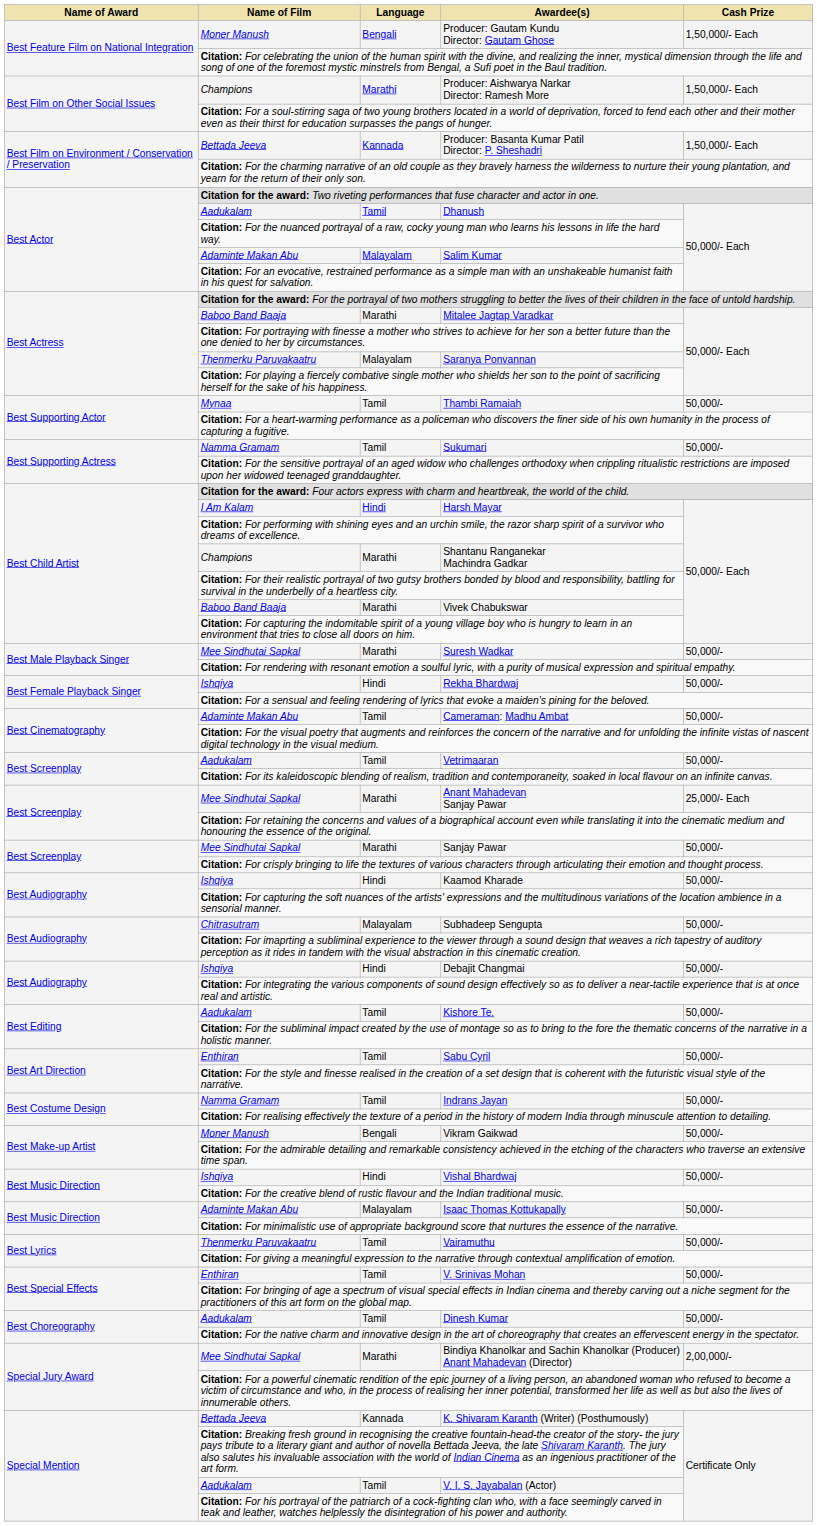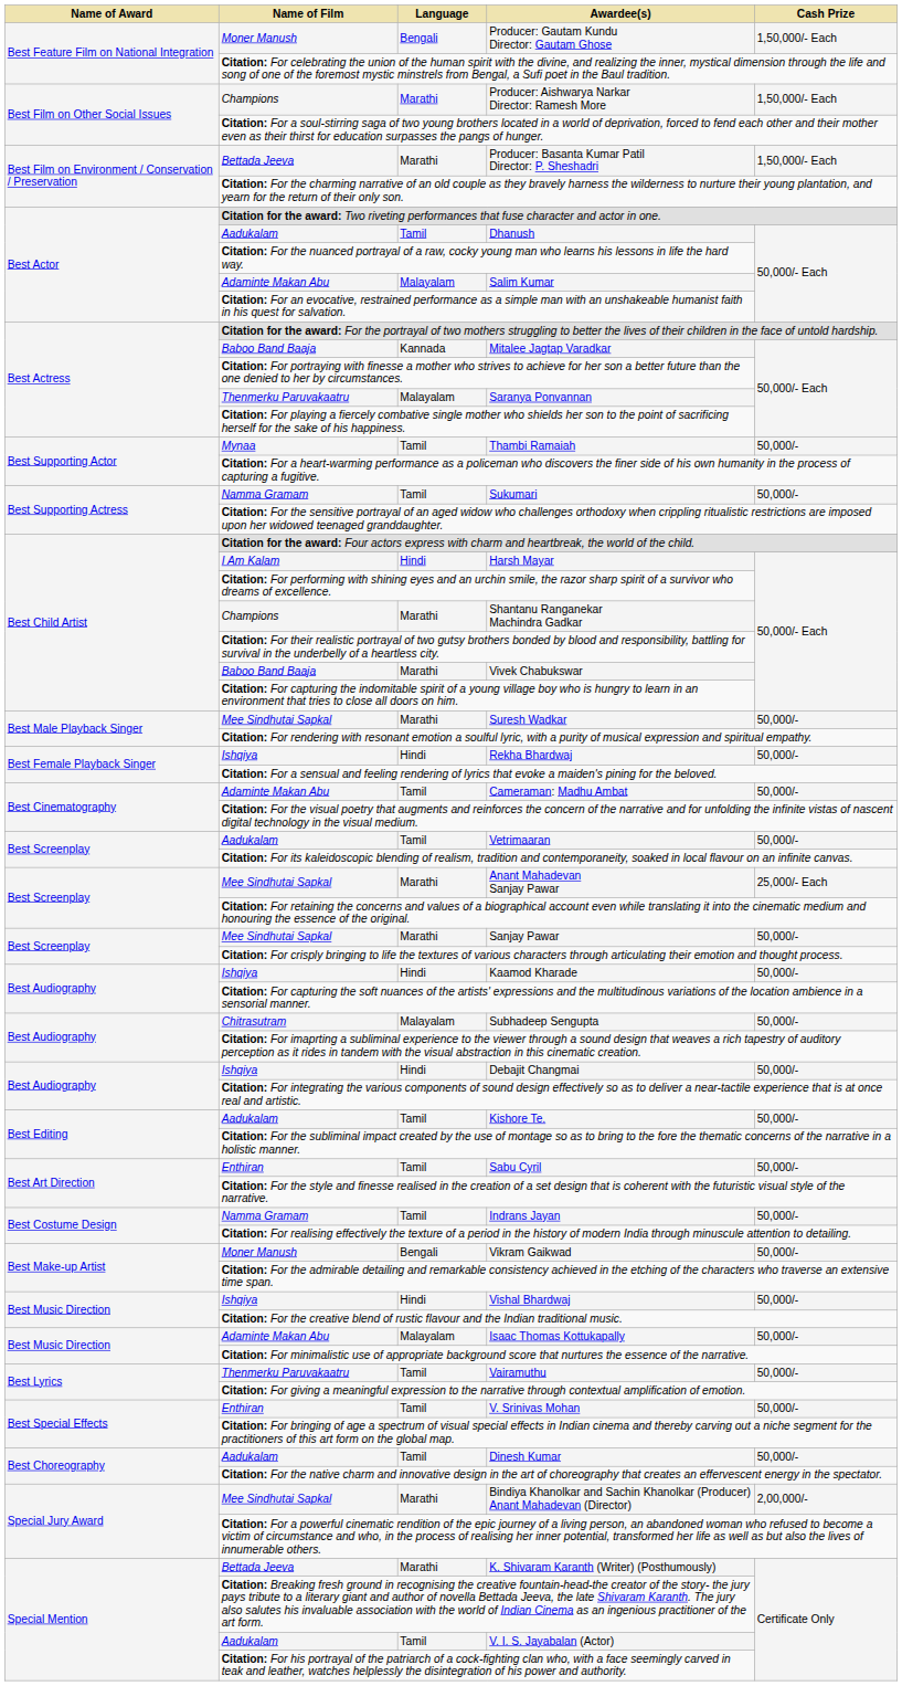 <table class="wikitable" style="width:100%;">
 <tr>
 <th style="background-color:#EFE4B0;width:24%;">Name of Award</th>
 <th style="background-color:#EFE4B0;width:20%;">Name of Film</th>
 <th style="background-color:#EFE4B0;width:10%;">Language</th>
 <th style="background-color:#EFE4B0;width:30%;">Awardee(s)</th>
 <th style="background-color:#EFE4B0;width:16%;">Cash Prize</th>
 </tr>
 <tr style="background-color:#F4F4F4">
 <td rowspan="2"><a href='#'>Best Feature Film on National Integration</a></td>
 <td><em><a href='#'>Moner Manush</a></em></td>
 <td><a href='#'>Bengali</a></td>
 <td>Producer: Gautam Kundu<br>Director: <a href='#'>Gautam Ghose</a></td>
 <td> 1,50,000/- Each</td>
 </tr>
 <tr style="background-color:#F9F9F9">
 <td colspan="4"><strong>Citation:</strong> <em>For celebrating the union of the human spirit with the divine, and realizing the inner, mystical dimension through the life and song of one of the foremost mystic minstrels from Bengal, a Sufi poet in the Baul tradition.</em></td>
 </tr>
 <tr style="background-color:#F4F4F4">
 <td rowspan="2"><a href='#'>Best Film on Other Social Issues</a></td>
 <td><em>Champions</em></td>
 <td><a href='#'>Marathi</a></td>
 <td>Producer: Aishwarya Narkar<br>Director: Ramesh More</td>
 <td> 1,50,000/- Each</td>
 </tr>
 <tr style="background-color:#F9F9F9">
 <td colspan="4"><strong>Citation:</strong> <em>For a soul-stirring saga of two young brothers located in a world of deprivation, forced to fend each other and their mother even as their thirst for education surpasses the pangs of hunger.</em></td>
 </tr>
 <tr style="background-color:#F4F4F4">
 <td rowspan="2"><a href='#'>Best Film on Environment / Conservation / Preservation</a></td>
 <td><em><a href='#'>Bettada Jeeva</a></em></td>
-<td><a href='#'>Kannada</a></td>
+<td>Marathi</td>
 <td>Producer: Basanta Kumar Patil<br>Director: <a href='#'>P. Sheshadri</a></td>
 <td> 1,50,000/- Each</td>
 </tr>
 <tr style="background-color:#F9F9F9">
 <td colspan="4"><strong>Citation:</strong> <em>For the charming narrative of an old couple as they bravely harness the wilderness to nurture their young plantation, and yearn for the return of their only son.</em></td>
 </tr>
 <tr style="background-color:#F4F4F4">
 <td rowspan="5"><a href='#'>Best Actor</a></td>
 <td colspan="4" style="background-color:#E0E0E0"><strong>Citation for the award:</strong> <em>Two riveting performances that fuse character and actor in one.</em></td>
 </tr>
 <tr style="background-color:#F4F4F4">
 <td><em><a href='#'>Aadukalam</a></em></td>
 <td><a href='#'>Tamil</a></td>
 <td><a href='#'>Dhanush</a></td>
 <td rowspan="4"> 50,000/- Each</td>
 </tr>
 <tr style="background-color:#F9F9F9">
 <td colspan="3"><strong>Citation:</strong> <em>For the nuanced portrayal of a raw, cocky young man who learns his lessons in life the hard way.</em></td>
 </tr>
 <tr style="background-color:#F4F4F4">
 <td><em><a href='#'>Adaminte Makan Abu</a></em></td>
 <td><a href='#'>Malayalam</a></td>
 <td><a href='#'>Salim Kumar</a></td>
 </tr>
 <tr style="background-color:#F9F9F9">
 <td colspan="3"><strong>Citation:</strong> <em>For an evocative, restrained performance as a simple man with an unshakeable humanist faith in his quest for salvation.</em></td>
 </tr>
 <tr style="background-color:#F4F4F4">
 <td rowspan="5"><a href='#'>Best Actress</a></td>
 <td colspan="4" style="background-color:#E0E0E0"><strong>Citation for the award:</strong> <em>For the portrayal of two mothers struggling to better the lives of their children in the face of untold hardship.</em></td>
 </tr>
 <tr style="background-color:#F4F4F4">
 <td><em><a href='#'>Baboo Band Baaja</a></em></td>
-<td>Marathi</td>
+<td>Kannada</td>
 <td><a href='#'>Mitalee Jagtap Varadkar</a></td>
 <td rowspan="4"> 50,000/- Each</td>
 </tr>
 <tr style="background-color:#F9F9F9">
 <td colspan="3"><strong>Citation:</strong> <em>For portraying with finesse a mother who strives to achieve for her son a better future than the one denied to her by circumstances.</em></td>
 </tr>
 <tr style="background-color:#F4F4F4">
 <td><em><a href='#'>Thenmerku Paruvakaatru</a></em></td>
 <td>Malayalam</td>
 <td><a href='#'>Saranya Ponvannan</a></td>
 </tr>
 <tr style="background-color:#F9F9F9">
 <td colspan="3"><strong>Citation:</strong> <em>For playing a fiercely combative single mother who shields her son to the point of sacrificing herself for the sake of his happiness.</em></td>
 </tr>
 <tr style="background-color:#F4F4F4">
 <td rowspan="2"><a href='#'>Best Supporting Actor</a></td>
 <td><em><a href='#'>Mynaa</a></em></td>
 <td>Tamil</td>
 <td><a href='#'>Thambi Ramaiah</a></td>
 <td> 50,000/-</td>
 </tr>
 <tr style="background-color:#F9F9F9">
 <td colspan="4"><strong>Citation:</strong> <em>For a heart-warming performance as a policeman who discovers the finer side of his own humanity in the process of capturing a fugitive.</em></td>
 </tr>
 <tr style="background-color:#F4F4F4">
 <td rowspan="2"><a href='#'>Best Supporting Actress</a></td>
 <td><em><a href='#'>Namma Gramam</a></em></td>
 <td>Tamil</td>
 <td><a href='#'>Sukumari</a></td>
 <td> 50,000/-</td>
 </tr>
 <tr style="background-color:#F9F9F9">
 <td colspan="4"><strong>Citation:</strong> <em>For the sensitive portrayal of an aged widow who challenges orthodoxy when crippling ritualistic restrictions are imposed upon her widowed teenaged granddaughter.</em></td>
 </tr>
 <tr style="background-color:#F4F4F4">
 <td rowspan="7"><a href='#'>Best Child Artist</a></td>
 <td colspan="4" style="background-color:#E0E0E0"><strong>Citation for the award:</strong> <em>Four actors express with charm and heartbreak, the world of the child.</em></td>
 </tr>
 <tr style="background-color:#F4F4F4">
 <td><em><a href='#'>I Am Kalam</a></em></td>
 <td><a href='#'>Hindi</a></td>
 <td><a href='#'>Harsh Mayar</a></td>
 <td rowspan="6"> 50,000/- Each</td>
 </tr>
 <tr style="background-color:#F9F9F9">
 <td colspan="3"><strong>Citation:</strong> <em>For performing with shining eyes and an urchin smile, the razor sharp spirit of a survivor who dreams of excellence.</em></td>
 </tr>
 <tr style="background-color:#F4F4F4">
 <td><em>Champions</em></td>
 <td>Marathi</td>
 <td>Shantanu Ranganekar<br>Machindra Gadkar</td>
 </tr>
 <tr style="background-color:#F9F9F9">
 <td colspan="3"><strong>Citation:</strong> <em>For their realistic portrayal of two gutsy brothers bonded by blood and responsibility, battling for survival in the underbelly of a heartless city.</em></td>
 </tr>
 <tr style="background-color:#F4F4F4">
 <td><em><a href='#'>Baboo Band Baaja</a></em></td>
 <td>Marathi</td>
 <td>Vivek Chabukswar</td>
 </tr>
 <tr style="background-color:#F9F9F9">
 <td colspan="3"><strong>Citation:</strong> <em>For capturing the indomitable spirit of a young village boy who is hungry to learn in an environment that tries to close all doors on him.</em></td>
 </tr>
 <tr style="background-color:#F4F4F4">
 <td rowspan="2"><a href='#'>Best Male Playback Singer</a></td>
 <td><em><a href='#'>Mee Sindhutai Sapkal</a></em><br></td>
 <td>Marathi</td>
 <td><a href='#'>Suresh Wadkar</a></td>
 <td> 50,000/-</td>
 </tr>
 <tr style="background-color:#F9F9F9">
 <td colspan="4"><strong>Citation:</strong> <em>For rendering with resonant emotion a soulful lyric, with a purity of musical expression and spiritual empathy.</em></td>
 </tr>
 <tr style="background-color:#F4F4F4">
 <td rowspan="2"><a href='#'>Best Female Playback Singer</a></td>
 <td><em><a href='#'>Ishqiya</a></em><br></td>
 <td>Hindi</td>
 <td><a href='#'>Rekha Bhardwaj</a></td>
 <td> 50,000/-</td>
 </tr>
 <tr style="background-color:#F9F9F9">
 <td colspan="4"><strong>Citation:</strong> <em>For a sensual and feeling rendering of lyrics that evoke a maiden's pining for the beloved.</em></td>
 </tr>
 <tr style="background-color:#F4F4F4">
 <td rowspan="2"><a href='#'>Best Cinematography</a></td>
 <td><em><a href='#'>Adaminte Makan Abu</a></em></td>
 <td>Tamil</td>
 <td><a href='#'>Cameraman</a>: <a href='#'>Madhu Ambat</a></td>
 <td> 50,000/-</td>
 </tr>
 <tr style="background-color:#F9F9F9">
 <td colspan="4"><strong>Citation:</strong> <em>For the visual poetry that augments and reinforces the concern of the narrative and for unfolding the infinite vistas of nascent digital technology in the visual medium.</em></td>
 </tr>
 <tr style="background-color:#F4F4F4">
 <td rowspan="2"><a href='#'>Best Screenplay</a><br></td>
 <td><em><a href='#'>Aadukalam</a></em></td>
 <td>Tamil</td>
 <td><a href='#'>Vetrimaaran</a></td>
 <td> 50,000/-</td>
 </tr>
 <tr style="background-color:#F9F9F9">
 <td colspan="4"><strong>Citation:</strong> <em>For its kaleidoscopic blending of realism, tradition and contemporaneity, soaked in local flavour on an infinite canvas.</em></td>
 </tr>
 <tr style="background-color:#F4F4F4">
 <td rowspan="2"><a href='#'>Best Screenplay</a><br></td>
 <td><em><a href='#'>Mee Sindhutai Sapkal</a></em></td>
 <td>Marathi</td>
 <td><a href='#'>Anant Mahadevan</a><br>Sanjay Pawar</td>
 <td> 25,000/- Each</td>
 </tr>
 <tr style="background-color:#F9F9F9">
 <td colspan="4"><strong>Citation:</strong> <em>For retaining the concerns and values of a biographical account even while translating it into the cinematic medium and honouring the essence of the original.</em></td>
 </tr>
 <tr style="background-color:#F4F4F4">
 <td rowspan="2"><a href='#'>Best Screenplay</a><br></td>
 <td><em><a href='#'>Mee Sindhutai Sapkal</a></em></td>
 <td>Marathi</td>
 <td>Sanjay Pawar</td>
 <td> 50,000/-</td>
 </tr>
 <tr style="background-color:#F9F9F9">
 <td colspan="4"><strong>Citation:</strong> <em>For crisply bringing to life the textures of various characters through articulating their emotion and thought process.</em></td>
 </tr>
 <tr style="background-color:#F4F4F4">
 <td rowspan="2"><a href='#'>Best Audiography</a><br></td>
 <td><em><a href='#'>Ishqiya</a></em></td>
 <td>Hindi</td>
 <td>Kaamod Kharade</td>
 <td> 50,000/-</td>
 </tr>
 <tr style="background-color:#F9F9F9">
 <td colspan="4"><strong>Citation:</strong> <em>For capturing the soft nuances of the artists' expressions and the multitudinous variations of the location ambience in a sensorial manner.</em></td>
 </tr>
 <tr style="background-color:#F4F4F4">
 <td rowspan="2"><a href='#'>Best Audiography</a><br></td>
 <td><em><a href='#'>Chitrasutram</a></em></td>
 <td>Malayalam</td>
 <td>Subhadeep Sengupta</td>
 <td> 50,000/-</td>
 </tr>
 <tr style="background-color:#F9F9F9">
 <td colspan="4"><strong>Citation:</strong> <em>For imaprting a subliminal experience to the viewer through a sound design that weaves a rich tapestry of auditory perception as it rides in tandem with the visual abstraction in this cinematic creation.</em></td>
 </tr>
 <tr style="background-color:#F4F4F4">
 <td rowspan="2"><a href='#'>Best Audiography</a><br></td>
 <td><em><a href='#'>Ishqiya</a></em></td>
 <td>Hindi</td>
 <td>Debajit Changmai</td>
 <td> 50,000/-</td>
 </tr>
 <tr style="background-color:#F9F9F9">
 <td colspan="4"><strong>Citation:</strong> <em>For integrating the various components of sound design effectively so as to deliver a near-tactile experience that is at once real and artistic.</em></td>
 </tr>
 <tr style="background-color:#F4F4F4">
 <td rowspan="2"><a href='#'>Best Editing</a></td>
 <td><em><a href='#'>Aadukalam</a></em></td>
 <td>Tamil</td>
 <td><a href='#'>Kishore Te.</a></td>
 <td> 50,000/-</td>
 </tr>
 <tr style="background-color:#F9F9F9">
 <td colspan="4"><strong>Citation:</strong> <em>For the subliminal impact created by the use of montage so as to bring to the fore the thematic concerns of the narrative in a holistic manner.</em></td>
 </tr>
 <tr style="background-color:#F4F4F4">
 <td rowspan="2"><a href='#'>Best Art Direction</a></td>
 <td><em><a href='#'>Enthiran</a></em></td>
 <td>Tamil</td>
 <td><a href='#'>Sabu Cyril</a></td>
 <td> 50,000/-</td>
 </tr>
 <tr style="background-color:#F9F9F9">
 <td colspan="4"><strong>Citation:</strong> <em>For the style and finesse realised in the creation of a set design that is coherent with the futuristic visual style of the narrative.</em></td>
 </tr>
 <tr style="background-color:#F4F4F4">
 <td rowspan="2"><a href='#'>Best Costume Design</a></td>
 <td><em><a href='#'>Namma Gramam</a></em></td>
 <td>Tamil</td>
 <td><a href='#'>Indrans Jayan</a></td>
 <td> 50,000/-</td>
 </tr>
 <tr style="background-color:#F9F9F9">
 <td colspan="4"><strong>Citation:</strong> <em>For realising effectively the texture of a period in the history of modern India through minuscule attention to detailing.</em></td>
 </tr>
 <tr style="background-color:#F4F4F4">
 <td rowspan="2"><a href='#'>Best Make-up Artist</a></td>
 <td><em><a href='#'>Moner Manush</a></em></td>
 <td>Bengali</td>
 <td>Vikram Gaikwad</td>
 <td> 50,000/-</td>
 </tr>
 <tr style="background-color:#F9F9F9">
 <td colspan="4"><strong>Citation:</strong> <em>For the admirable detailing and remarkable consistency achieved in the etching of the characters who traverse an extensive time span.</em></td>
 </tr>
 <tr style="background-color:#F4F4F4">
 <td rowspan="2"><a href='#'>Best Music Direction</a><br></td>
 <td><em><a href='#'>Ishqiya</a></em></td>
 <td>Hindi</td>
 <td><a href='#'>Vishal Bhardwaj</a></td>
 <td> 50,000/-</td>
 </tr>
 <tr style="background-color:#F9F9F9">
 <td colspan="4"><strong>Citation:</strong> <em>For the creative blend of rustic flavour and the Indian traditional music.</em></td>
 </tr>
 <tr style="background-color:#F4F4F4">
 <td rowspan="2"><a href='#'>Best Music Direction</a><br></td>
 <td><em><a href='#'>Adaminte Makan Abu</a></em></td>
 <td>Malayalam</td>
 <td><a href='#'>Isaac Thomas Kottukapally</a></td>
 <td> 50,000/-</td>
 </tr>
 <tr style="background-color:#F9F9F9">
 <td colspan="4"><strong>Citation:</strong> <em>For minimalistic use of appropriate background score that nurtures the essence of the narrative.</em></td>
 </tr>
 <tr style="background-color:#F4F4F4">
 <td rowspan="2"><a href='#'>Best Lyrics</a></td>
 <td><em><a href='#'>Thenmerku Paruvakaatru</a></em><br></td>
 <td>Tamil</td>
 <td><a href='#'>Vairamuthu</a></td>
 <td> 50,000/-</td>
 </tr>
 <tr style="background-color:#F9F9F9">
 <td colspan="4"><strong>Citation:</strong> <em>For giving a meaningful expression to the narrative through contextual amplification of emotion.</em></td>
 </tr>
 <tr style="background-color:#F4F4F4">
 <td rowspan="2"><a href='#'>Best Special Effects</a></td>
 <td><em><a href='#'>Enthiran</a></em></td>
 <td>Tamil</td>
 <td><a href='#'>V. Srinivas Mohan</a></td>
 <td> 50,000/-</td>
 </tr>
 <tr style="background-color:#F9F9F9">
 <td colspan="4"><strong>Citation:</strong> <em>For bringing of age a spectrum of visual special effects in Indian cinema and thereby carving out a niche segment for the practitioners of this art form on the global map.</em></td>
 </tr>
 <tr style="background-color:#F4F4F4">
 <td rowspan="2"><a href='#'>Best Choreography</a></td>
 <td><em><a href='#'>Aadukalam</a></em></td>
 <td>Tamil</td>
 <td><a href='#'>Dinesh Kumar</a></td>
 <td> 50,000/-</td>
 </tr>
 <tr style="background-color:#F9F9F9">
 <td colspan="4"><strong>Citation:</strong> <em>For the native charm and innovative design in the art of choreography that creates an effervescent energy in the spectator.</em></td>
 </tr>
 <tr style="background-color:#F4F4F4">
 <td rowspan="2"><a href='#'>Special Jury Award</a></td>
 <td><em><a href='#'>Mee Sindhutai Sapkal</a></em></td>
 <td>Marathi</td>
 <td>Bindiya Khanolkar and Sachin Khanolkar (Producer)<br><a href='#'>Anant Mahadevan</a> (Director)</td>
 <td> 2,00,000/-</td>
 </tr>
 <tr style="background-color:#F9F9F9">
 <td colspan="4"><strong>Citation:</strong> <em>For a powerful cinematic rendition of the epic journey of a living person, an abandoned woman who refused to become a victim of circumstance and who, in the process of realising her inner potential, transformed her life as well as but also the lives of innumerable others.</em></td>
 </tr>
 <tr style="background-color:#F4F4F4">
 <td rowspan="4"><a href='#'>Special Mention</a></td>
 <td><em><a href='#'>Bettada Jeeva</a></em></td>
-<td>Kannada</td>
+<td>Marathi</td>
 <td><a href='#'>K. Shivaram Karanth</a> (Writer) (Posthumously)</td>
 <td rowspan="4">Certificate Only</td>
 </tr>
 <tr style="background-color:#F9F9F9">
 <td colspan="3"><strong>Citation:</strong> <em>Breaking fresh ground in recognising the creative fountain-head-the creator of the story- the jury pays tribute to a literary giant and author of novella Bettada Jeeva, the late <a href='#'>Shivaram Karanth</a>. The jury also salutes his invaluable association with the world of <a href='#'>Indian Cinema</a> as an ingenious practitioner of the art form.</em></td>
 </tr>
 <tr style="background-color:#F4F4F4">
 <td><em><a href='#'>Aadukalam</a></em></td>
 <td>Tamil</td>
 <td><a href='#'>V. I. S. Jayabalan</a> (Actor)</td>
 </tr>
 <tr style="background-color:#F9F9F9">
 <td colspan="3"><strong>Citation:</strong> <em>For his portrayal of the patriarch of a cock-fighting clan who‌, with a face seemingly carved in teak and leather, watches helplessly the disintegration of his power and authority.</em></td>
 </tr>
 </table>
